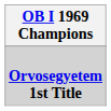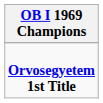 <table class="wikitable" style="text-align: center; margin: 0 auto;">
 <tr>
 <th><a href='#'>OB I</a> 1969<br>Champions</th>
 </tr>
 <tr>
 </tr>
 <tr>
-<td style="background: lightgrey;"> <br><strong><a href='#'>Orvosegyetem</a></strong><br><strong>1st Title</strong></td>
+<td> <br><strong><a href='#'>Orvosegyetem</a></strong><br><strong>1st Title</strong></td>
 </tr>
 </table>
